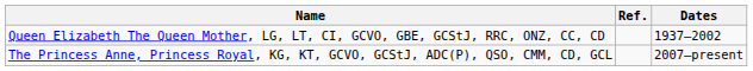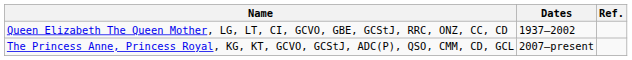 <table class="wikitable">
 <tr>
 <th>Name</th>
+<th>Dates</th>
 <th>Ref.</th>
-<th>Dates</th>
 </tr>
 <tr>
 <td><a href='#'>Queen Elizabeth The Queen Mother</a>, LG, LT, CI, GCVO, GBE, GCStJ, RRC, ONZ, CC, CD</td>
+<td>1937–2002</td>
 <td></td>
-<td>1937–2002</td>
 </tr>
 <tr>
 <td><a href='#'>The Princess Anne, Princess Royal</a>, KG, KT, GCVO, GCStJ, ADC(P), QSO, CMM, CD, GCL</td>
+<td>2007–present</td>
 <td></td>
-<td>2007–present</td>
 </tr>
 </table>
